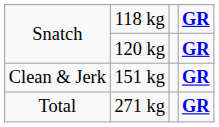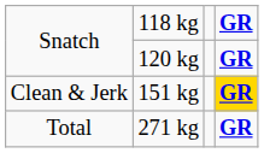 <table class = "wikitable" style="text-align:center;">
 <tr>
 <td rowspan=2>Snatch</td>
 <td>118 kg</td>
 <td align=left></td>
 <td><strong><a href='#'>GR</a></strong></td>
 </tr>
 <tr>
 <td>120 kg</td>
 <td align=left></td>
 <td><strong><a href='#'>GR</a></strong></td>
 </tr>
 <tr>
 <td>Clean & Jerk</td>
 <td>151 kg</td>
 <td align=left></td>
-<td><strong><a href='#'>GR</a></strong></td>
+<td style="background: gold;"><strong><a href='#'>GR</a></strong></td>
 </tr>
 <tr>
 <td>Total</td>
 <td>271 kg</td>
 <td align=left></td>
 <td><strong><a href='#'>GR</a></strong></td>
 </tr>
 </table>
